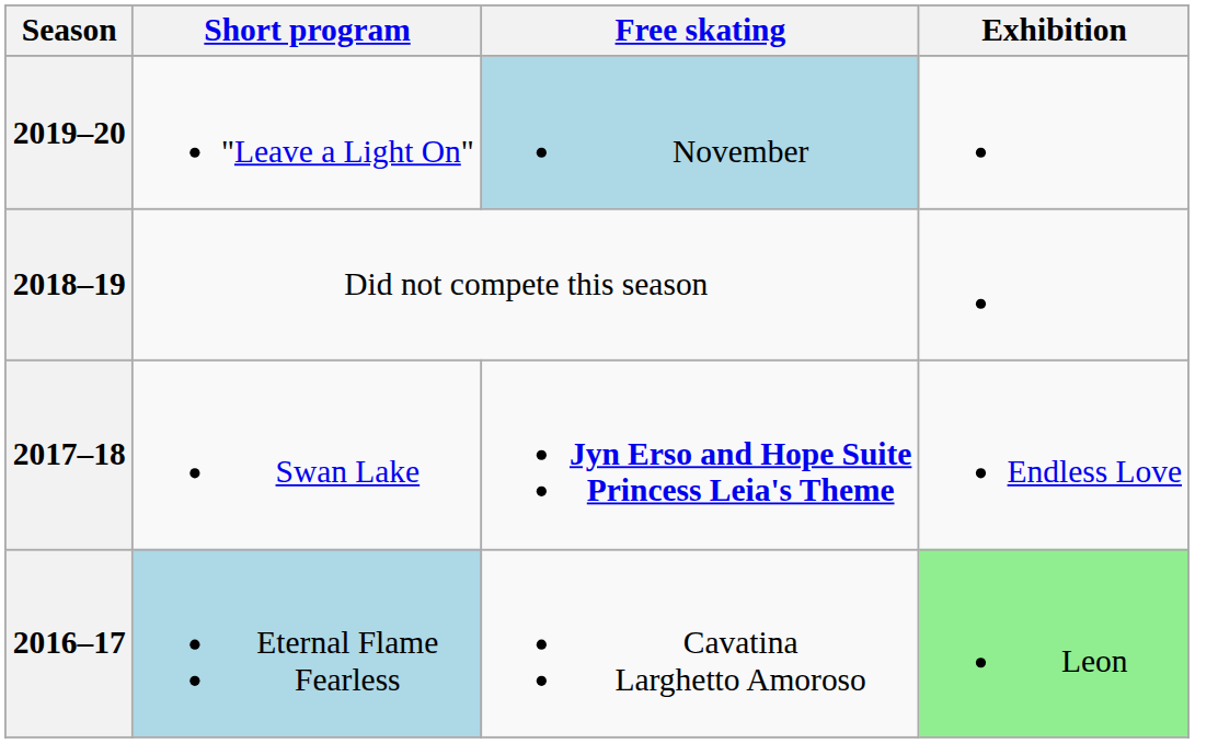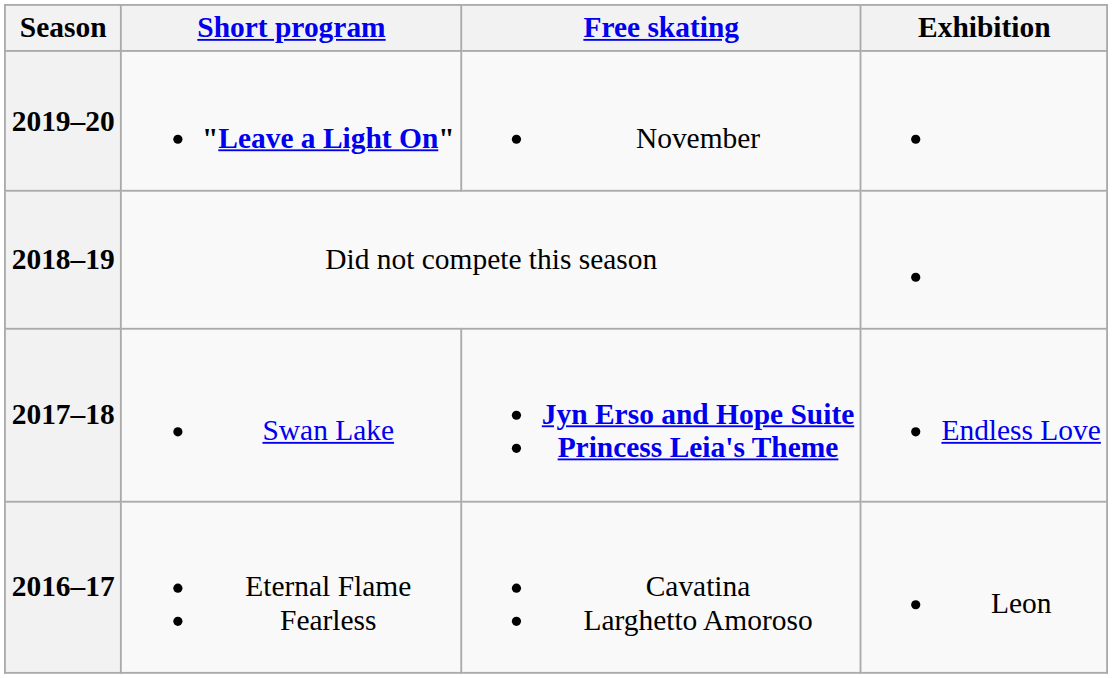 <table class="wikitable" style="text-align:center">
 <tr>
 <th>Season</th>
 <th><a href='#'>Short program</a></th>
 <th><a href='#'>Free skating</a></th>
 <th>Exhibition</th>
 </tr>
 <tr>
 <th>2019–20</th>
-<td><br><ul><li>"<a href='#'>Leave a Light On</a>" <br> </li></ul></td>
-<td style="background: lightblue;"><br><ul><li>November <br> </li></ul></td>
+<td><strong><br><ul><li>"<a href='#'>Leave a Light On</a>" <br> </li></ul></strong></td>
+<td><br><ul><li>November <br> </li></ul></td>
 <td><br><ul><li></li></ul></td>
 </tr>
 <tr>
 <th>2018–19</th>
 <td colspan=2>Did not compete this season</td>
 <td><br><ul><li></li></ul></td>
 </tr>
 <tr>
 <th>2017–18 <br></th>
 <td><br><ul><li><a href='#'>Swan Lake</a> <br> </li></ul></td>
 <td><strong><br><ul><li><a href='#'>Jyn Erso and Hope Suite</a> <br> </li><li><a href='#'>Princess Leia's Theme</a> <br> </li></ul></strong></td>
 <td><br><ul><li><a href='#'>Endless Love</a> <br> </li></ul></td>
 </tr>
 <tr>
 <th>2016–17 <br></th>
-<td style="background: lightblue;"><br><ul><li>Eternal Flame</li><li>Fearless <br> </li></ul></td>
+<td><br><ul><li>Eternal Flame</li><li>Fearless <br> </li></ul></td>
 <td><br><ul><li>Cavatina</li><li>Larghetto Amoroso <br> </li></ul></td>
-<td style="background: lightgreen;"><br><ul><li>Leon <br> </li></ul></td>
+<td><br><ul><li>Leon <br> </li></ul></td>
 </tr>
 </table>
